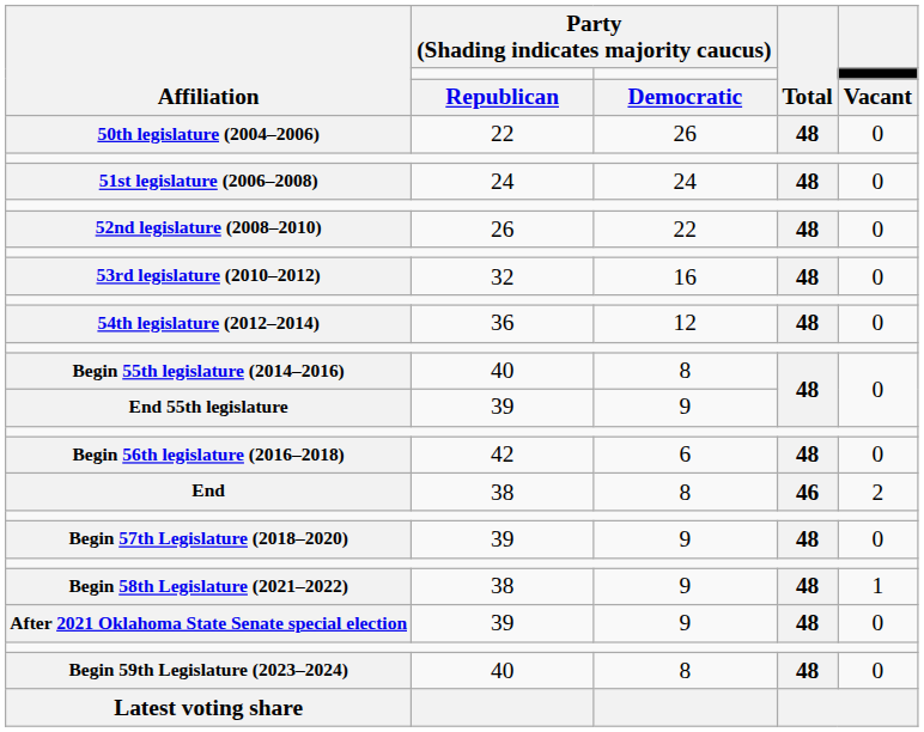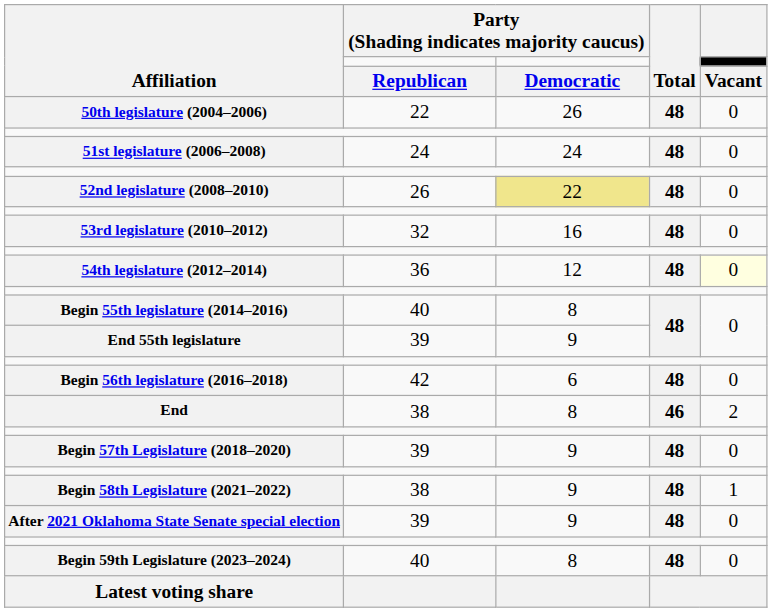 <table class=wikitable style="text-align:center">
 <tr style="vertical-align:bottom;">
 <th rowspan=3>Affiliation</th>
 <th colspan=2>Party <div>(Shading indicates majority caucus)</div></th>
 <th rowspan=3>Total</th>
 <th></th>
 </tr>
 <tr style="height:5px">
 <td style="background-color:"></td>
 <td style="background-color:"></td>
 <td style="background: black"></td>
 </tr>
 <tr>
 <th><a href='#'>Republican</a></th>
 <th><a href='#'>Democratic</a></th>
 <th>Vacant</th>
 </tr>
 <tr>
 <th nowrap style="font-size:80%"><a href='#'>50th legislature</a> (2004–2006)</th>
 <td>22</td>
 <td>26</td>
 <th>48</th>
 <td>0</td>
 </tr>
 <tr>
 <td colspan=5></td>
 </tr>
 <tr>
 <th nowrap style="font-size:80%"><a href='#'>51st legislature</a> (2006–2008)</th>
 <td>24</td>
 <td>24</td>
 <th>48</th>
 <td>0</td>
 </tr>
 <tr>
 <td colspan=5></td>
 </tr>
 <tr>
 <th nowrap style="font-size:80%"><a href='#'>52nd legislature</a> (2008–2010)</th>
 <td>26</td>
-<td>22</td>
+<td style="background: khaki;">22</td>
 <th>48</th>
 <td>0</td>
 </tr>
 <tr>
 <td colspan=5></td>
 </tr>
 <tr>
 <th nowrap style="font-size:80%"><a href='#'>53rd legislature</a> (2010–2012)</th>
 <td>32</td>
 <td>16</td>
 <th>48</th>
 <td>0</td>
 </tr>
 <tr>
 <td colspan=5></td>
 </tr>
 <tr>
 <th nowrap style="font-size:80%"><a href='#'>54th legislature</a> (2012–2014)</th>
 <td>36</td>
 <td>12</td>
 <th>48</th>
-<td>0</td>
+<td style="background: lightyellow;">0</td>
 </tr>
 <tr>
 <td colspan=5></td>
 </tr>
 <tr>
 <th nowrap style="font-size:80%">Begin <a href='#'>55th legislature</a> (2014–2016)</th>
 <td>40</td>
 <td>8</td>
 <th rowspan=2>48</th>
 <td rowspan=2>0</td>
 </tr>
 <tr>
 <th nowrap style="font-size:80%">End 55th legislature</th>
 <td>39</td>
 <td>9</td>
 </tr>
 <tr>
 <td colspan=5></td>
 </tr>
 <tr>
 <th nowrap style="font-size:80%">Begin <a href='#'>56th legislature</a> (2016–2018)</th>
 <td>42</td>
 <td>6</td>
 <th>48</th>
 <td>0</td>
 </tr>
 <tr>
 <th nowrap style="font-size:80%">End</th>
 <td>38</td>
 <td>8</td>
 <th>46</th>
 <td>2</td>
 </tr>
 <tr>
 <td colspan=5></td>
 </tr>
 <tr>
 <th nowrap style="font-size:80%">Begin <a href='#'>57th Legislature</a> (2018–2020)</th>
 <td>39</td>
 <td>9</td>
 <th>48</th>
 <td>0</td>
 </tr>
 <tr>
 <td colspan=5></td>
 </tr>
 <tr>
 <th nowrap style="font-size:80%">Begin <a href='#'>58th Legislature</a> (2021–2022)</th>
 <td>38</td>
 <td>9</td>
 <th>48</th>
 <td>1</td>
 </tr>
 <tr>
 <th nowrap style="font-size:80%">After <a href='#'>2021 Oklahoma State Senate special election</a></th>
 <td>39</td>
 <td>9</td>
 <th>48</th>
 <td>0</td>
 </tr>
 <tr>
 <td colspan=5></td>
 </tr>
 <tr>
 <th nowrap style="font-size:80%">Begin 59th Legislature (2023–2024)</th>
 <td>40</td>
 <td>8</td>
 <th>48</th>
 <td>0</td>
 </tr>
 <tr>
 <th>Latest voting share</th>
 <th></th>
 <th></th>
 <th colspan="2"></th>
 </tr>
 </table>
